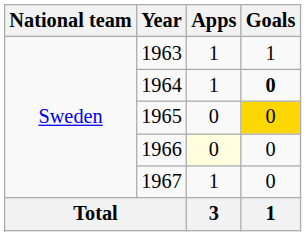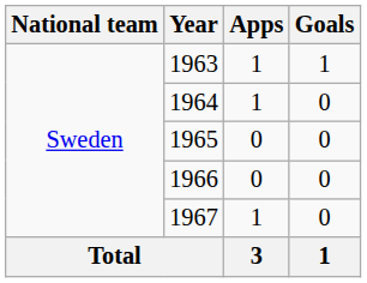 <table class="wikitable" style="text-align:center">
 <tr>
 <th>National team</th>
 <th>Year</th>
 <th>Apps</th>
 <th>Goals</th>
 </tr>
 <tr>
 <td rowspan="5"><a href='#'>Sweden</a></td>
 <td>1963</td>
 <td>1</td>
 <td>1</td>
 </tr>
 <tr>
 <td>1964</td>
 <td>1</td>
-<td><strong>0</strong></td>
+<td>0</td>
 </tr>
 <tr>
 <td>1965</td>
 <td>0</td>
-<td style="background: gold;">0</td>
+<td>0</td>
 </tr>
 <tr>
 <td>1966</td>
-<td style="background: lightyellow;">0</td>
+<td>0</td>
 <td>0</td>
 </tr>
 <tr>
 <td>1967</td>
 <td>1</td>
 <td>0</td>
 </tr>
 <tr>
 <th colspan="2">Total</th>
 <th>3</th>
 <th>1</th>
 </tr>
 </table>
